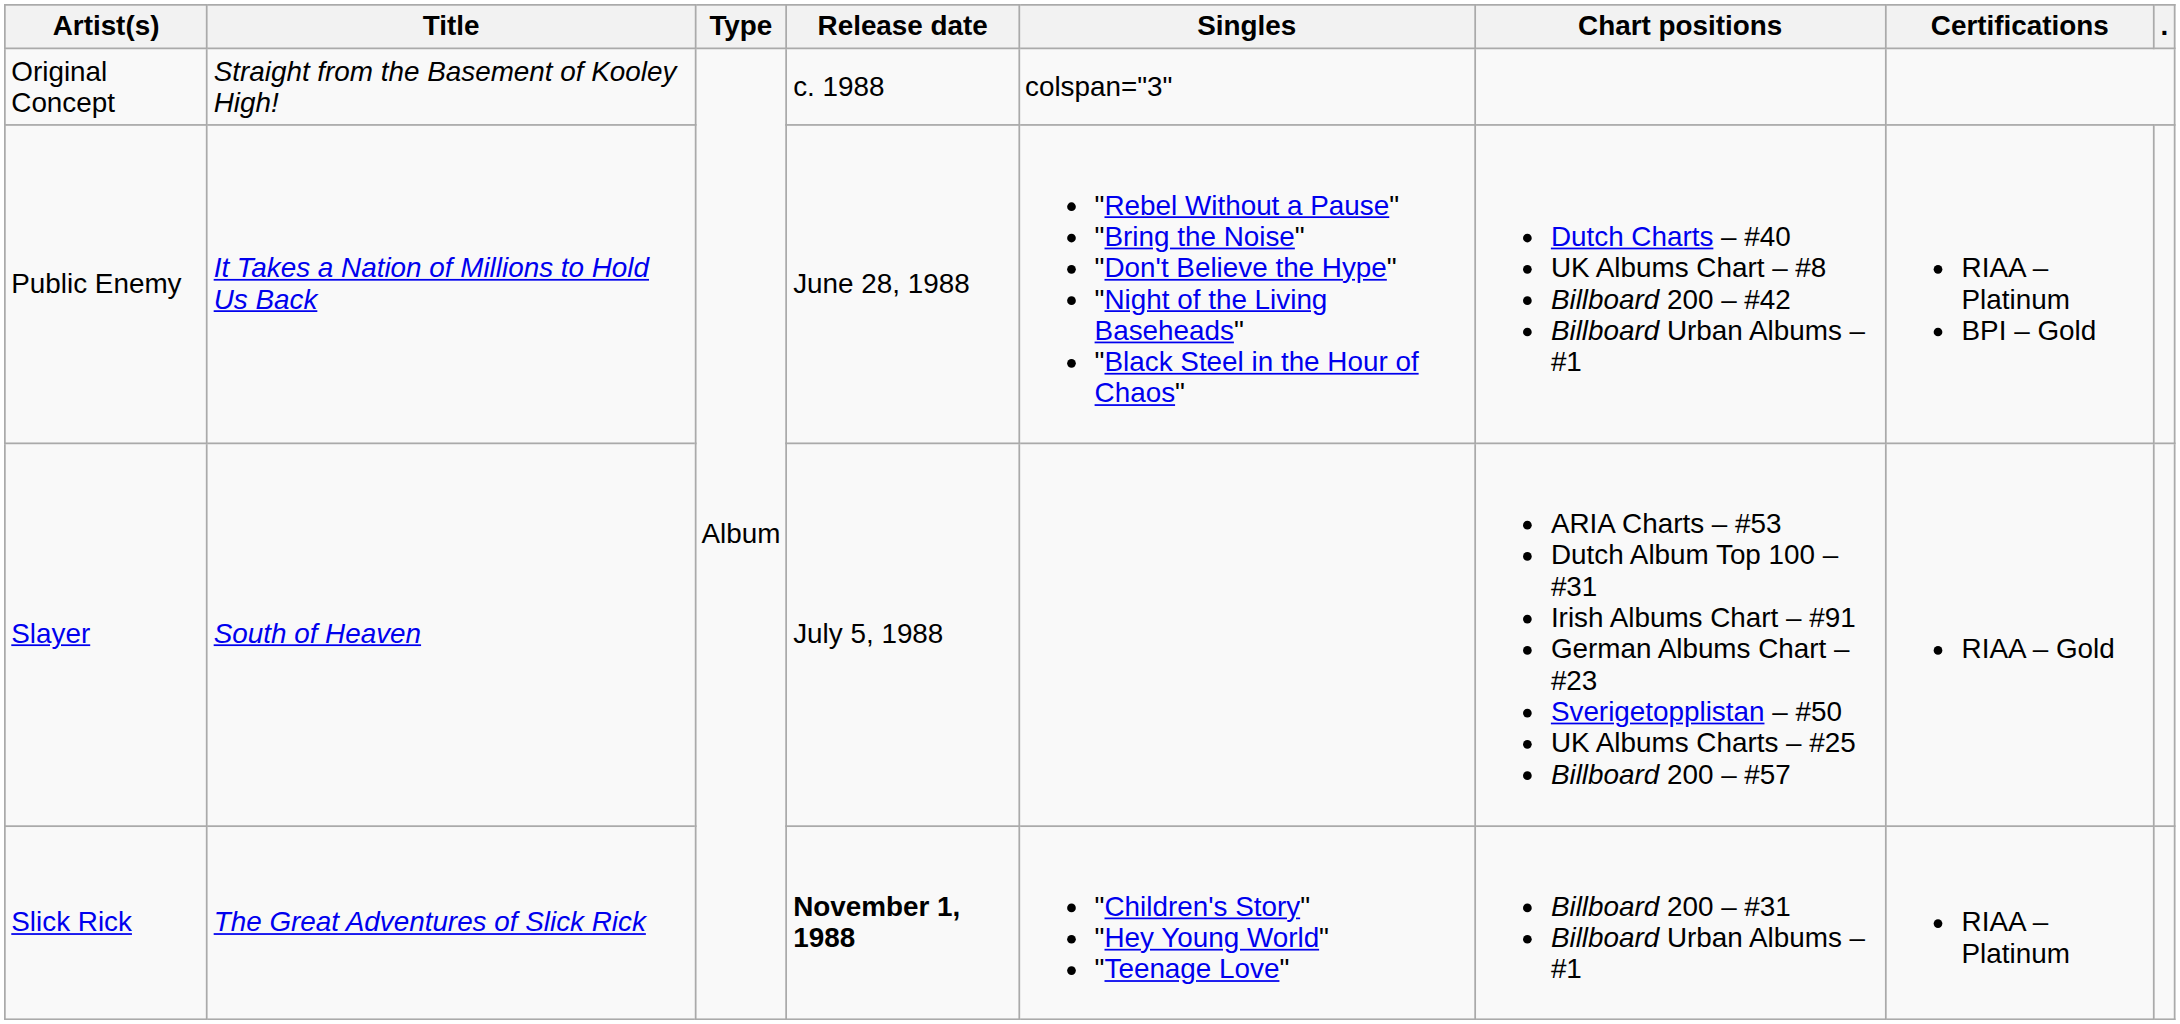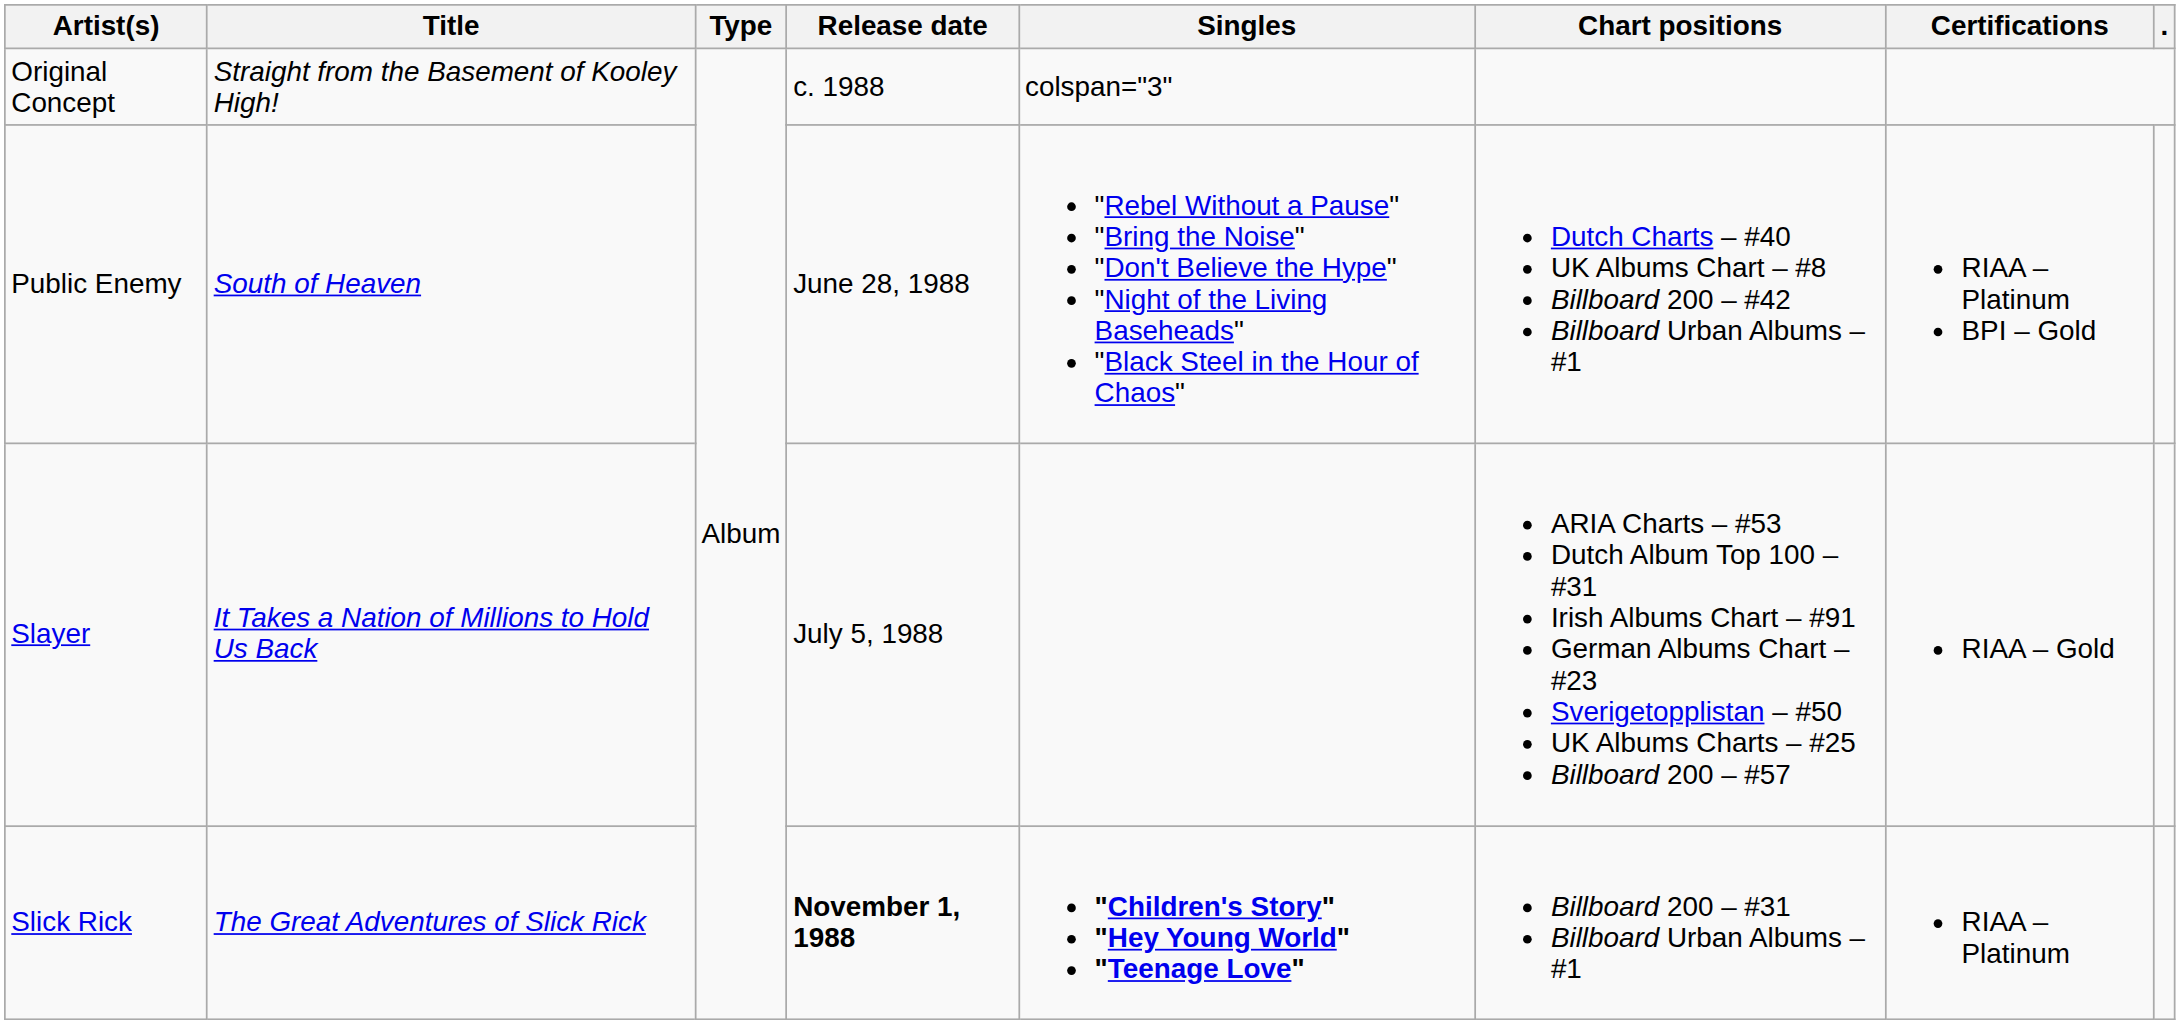 <table class="wikitable">
 <tr>
 <th>Artist(s)</th>
 <th>Title</th>
 <th>Type</th>
 <th>Release date</th>
 <th>Singles</th>
 <th>Chart positions</th>
 <th>Certifications</th>
 <th>.</th>
 </tr>
 <tr>
 <td>Original Concept</td>
 <td><em>Straight from the Basement of Kooley High!</em></td>
 <td rowspan="4">Album</td>
 <td>c. 1988</td>
 <td>colspan="3" </td>
 <td></td>
 </tr>
 <tr>
 <td>Public Enemy</td>
-<td><em><a href='#'>It Takes a Nation of Millions to Hold Us Back</a></em></td>
+<td><em><a href='#'>South of Heaven</a></em></td>
 <td>June 28, 1988</td>
 <td><br><ul><li>"<a href='#'>Rebel Without a Pause</a>"</li><li>"<a href='#'>Bring the Noise</a>"</li><li>"<a href='#'>Don't Believe the Hype</a>"</li><li>"<a href='#'>Night of the Living Baseheads</a>"</li><li>"<a href='#'>Black Steel in the Hour of Chaos</a>"</li></ul></td>
 <td><br><ul><li><a href='#'>Dutch Charts</a> – #40</li><li>UK Albums Chart – #8</li><li><em>Billboard</em> 200 – #42</li><li><em>Billboard</em> Urban Albums – #1</li></ul></td>
 <td><br><ul><li>RIAA – Platinum</li><li>BPI – Gold</li></ul></td>
 <td></td>
 </tr>
 <tr>
 <td><a href='#'>Slayer</a></td>
-<td><em><a href='#'>South of Heaven</a></em></td>
+<td><em><a href='#'>It Takes a Nation of Millions to Hold Us Back</a></em></td>
 <td>July 5, 1988</td>
 <td></td>
 <td><br><ul><li>ARIA Charts – #53</li><li>Dutch Album Top 100 – #31</li><li>Irish Albums Chart – #91</li><li>German Albums Chart – #23</li><li><a href='#'>Sverigetopplistan</a> – #50</li><li>UK Albums Charts – #25</li><li><em>Billboard</em> 200 – #57</li></ul></td>
 <td><br><ul><li>RIAA – Gold</li></ul></td>
 <td></td>
 </tr>
 <tr>
 <td><a href='#'>Slick Rick</a></td>
 <td><em><a href='#'>The Great Adventures of Slick Rick</a></em></td>
 <td><strong>November 1, 1988</strong></td>
-<td><br><ul><li>"<a href='#'>Children's Story</a>"</li><li>"<a href='#'>Hey Young World</a>"</li><li>"<a href='#'>Teenage Love</a>"</li></ul></td>
+<td><strong><br><ul><li>"<a href='#'>Children's Story</a>"</li><li>"<a href='#'>Hey Young World</a>"</li><li>"<a href='#'>Teenage Love</a>"</li></ul></strong></td>
 <td><br><ul><li><em>Billboard</em> 200 – #31</li><li><em>Billboard</em> Urban Albums – #1</li></ul></td>
 <td><br><ul><li>RIAA – Platinum</li></ul></td>
 <td></td>
 </tr>
 </table>
